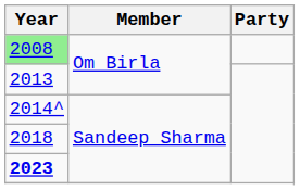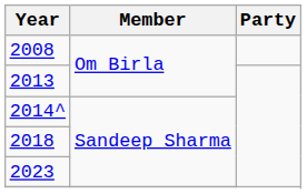 <table class="wikitable sortable">
 <tr>
 <th>Year</th>
 <th>Member</th>
 <th colspan="2">Party</th>
 </tr>
 <tr>
-<td style="background: lightgreen;"><a href='#'>2008</a></td>
+<td><a href='#'>2008</a></td>
 <td rowspan=2><a href='#'>Om Birla</a></td>
 <td></td>
 </tr>
 <tr>
 <td><a href='#'>2013</a></td>
 </tr>
 <tr>
 <td><a href='#'>2014^</a></td>
 <td rowspan=3><a href='#'>Sandeep Sharma</a></td>
 </tr>
 <tr>
 <td><a href='#'>2018</a></td>
 </tr>
 <tr>
-<td><strong><a href='#'>2023</a></strong></td>
+<td><a href='#'>2023</a></td>
 </tr>
 <tr>
 </tr>
 </table>
